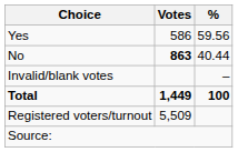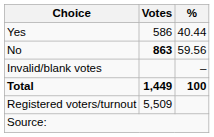 <table class=wikitable style=text-align:right>
 <tr>
 <th>Choice</th>
 <th>Votes</th>
 <th>%</th>
 </tr>
 <tr>
 <td align=left>Yes</td>
 <td>586</td>
-<td>59.56</td>
+<td>40.44</td>
 </tr>
 <tr>
 <td align=left>No</td>
 <td><strong>863</strong></td>
-<td>40.44</td>
+<td>59.56</td>
 </tr>
 <tr>
 <td align=left>Invalid/blank votes</td>
 <td></td>
 <td>–</td>
 </tr>
 <tr>
 <td align=left><strong>Total</strong></td>
 <td><strong>1,449</strong></td>
 <td><strong>100</strong></td>
 </tr>
 <tr>
 <td align=left>Registered voters/turnout</td>
 <td>5,509</td>
 <td></td>
 </tr>
 <tr>
 <td align=left colspan=3>Source: </td>
 </tr>
 </table>
